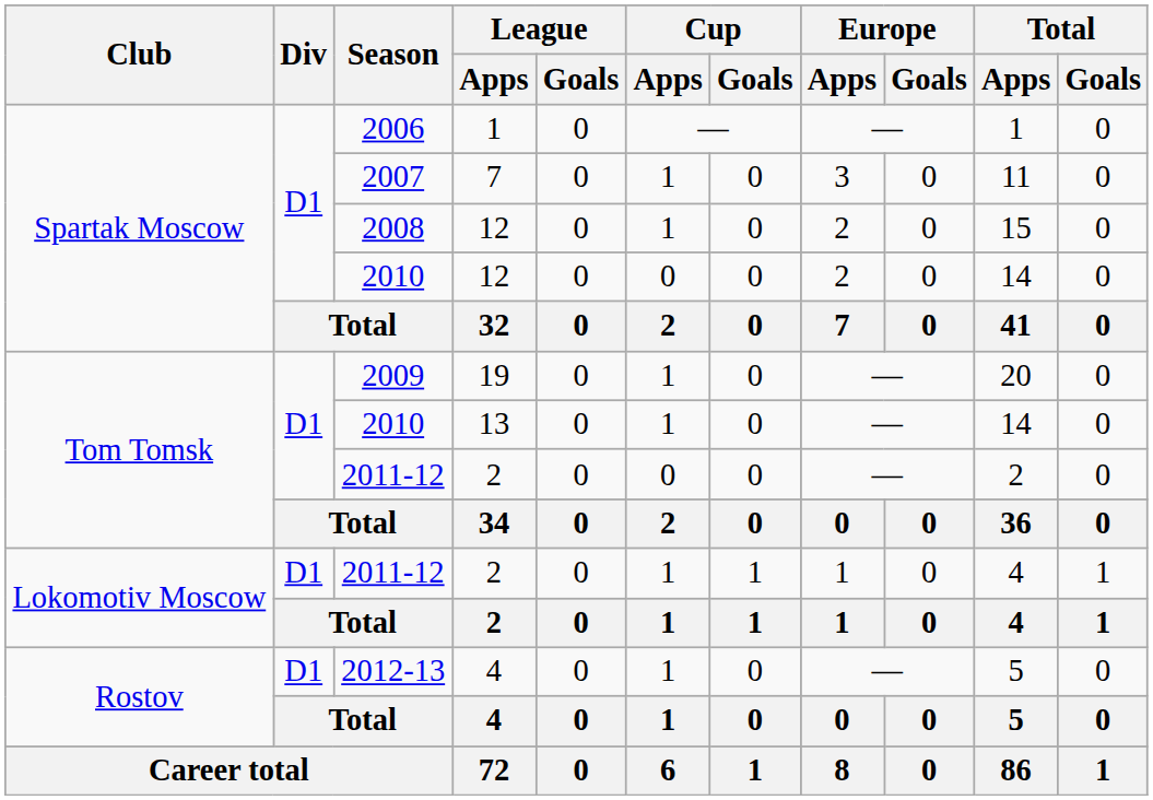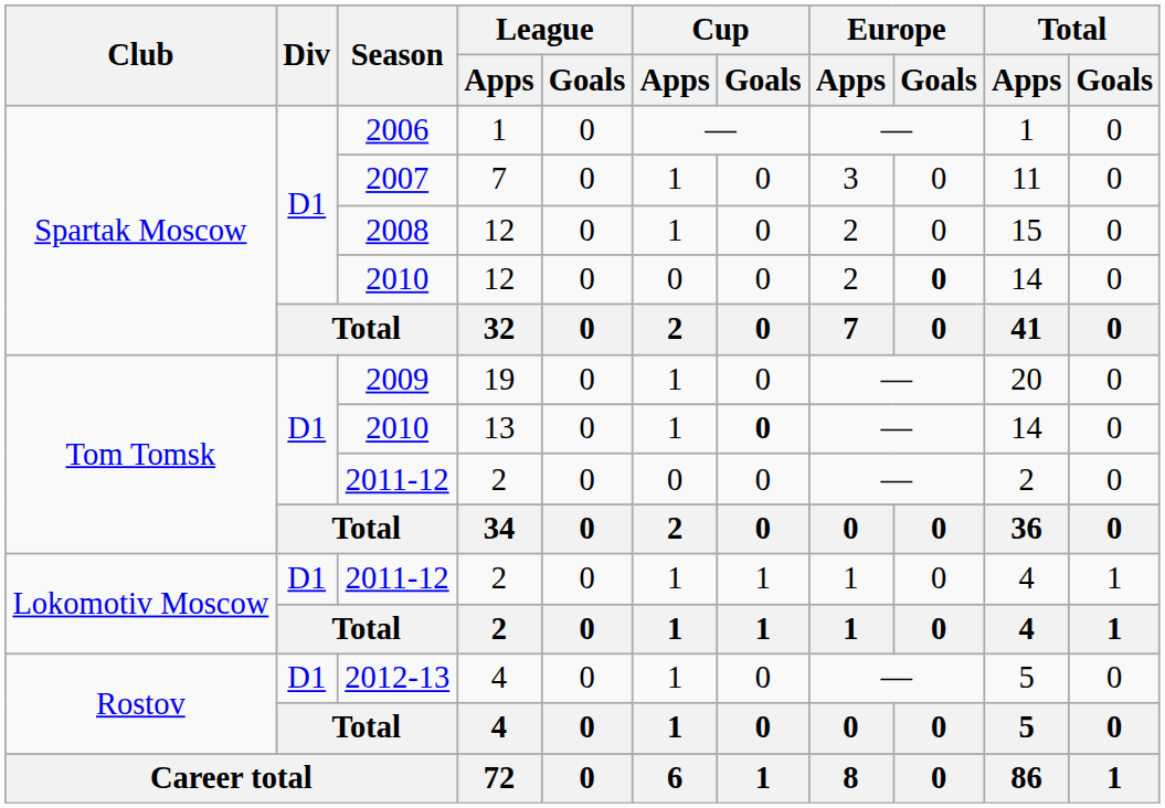 <table class="wikitable" style="text-align: center;">
 <tr>
 <th rowspan="2">Club</th>
 <th rowspan="2">Div</th>
 <th rowspan="2">Season</th>
 <th colspan="2">League</th>
 <th colspan="2">Cup</th>
 <th colspan="2">Europe</th>
 <th colspan="2">Total</th>
 </tr>
 <tr>
 <th>Apps</th>
 <th>Goals</th>
 <th>Apps</th>
 <th>Goals</th>
 <th>Apps</th>
 <th>Goals</th>
 <th>Apps</th>
 <th>Goals</th>
 </tr>
 <tr>
 <td rowspan="5" valign="center"> <a href='#'>Spartak Moscow</a></td>
 <td rowspan="4"><a href='#'>D1</a></td>
 <td><a href='#'>2006</a></td>
 <td>1</td>
 <td>0</td>
 <td colspan="2">—</td>
 <td colspan="2">—</td>
 <td>1</td>
 <td>0</td>
 </tr>
 <tr>
 <td><a href='#'>2007</a></td>
 <td>7</td>
 <td>0</td>
 <td>1</td>
 <td>0</td>
 <td>3</td>
 <td>0</td>
 <td>11</td>
 <td>0</td>
 </tr>
 <tr>
 <td><a href='#'>2008</a></td>
 <td>12</td>
 <td>0</td>
 <td>1</td>
 <td>0</td>
 <td>2</td>
 <td>0</td>
 <td>15</td>
 <td>0</td>
 </tr>
 <tr>
 <td><a href='#'>2010</a></td>
 <td>12</td>
 <td>0</td>
 <td>0</td>
 <td>0</td>
 <td>2</td>
-<td>0</td>
+<td><strong>0</strong></td>
 <td>14</td>
 <td>0</td>
 </tr>
 <tr>
 <th colspan="2">Total</th>
 <th>32</th>
 <th>0</th>
 <th>2</th>
 <th>0</th>
 <th>7</th>
 <th>0</th>
 <th>41</th>
 <th>0</th>
 </tr>
 <tr>
 <td rowspan="4" valign="center"> <a href='#'>Tom Tomsk</a></td>
 <td rowspan="3"><a href='#'>D1</a></td>
 <td><a href='#'>2009</a></td>
 <td>19</td>
 <td>0</td>
 <td>1</td>
 <td>0</td>
 <td colspan="2">—</td>
 <td>20</td>
 <td>0</td>
 </tr>
 <tr>
 <td><a href='#'>2010</a></td>
 <td>13</td>
 <td>0</td>
 <td>1</td>
-<td>0</td>
+<td><strong>0</strong></td>
 <td colspan="2">—</td>
 <td>14</td>
 <td>0</td>
 </tr>
 <tr>
 <td><a href='#'>2011-12</a></td>
 <td>2</td>
 <td>0</td>
 <td>0</td>
 <td>0</td>
 <td colspan="2">—</td>
 <td>2</td>
 <td>0</td>
 </tr>
 <tr>
 <th colspan="2">Total</th>
 <th>34</th>
 <th>0</th>
 <th>2</th>
 <th>0</th>
 <th>0</th>
 <th>0</th>
 <th>36</th>
 <th>0</th>
 </tr>
 <tr>
 <td rowspan="2" valign="center"> <a href='#'>Lokomotiv Moscow</a></td>
 <td rowspan="1"><a href='#'>D1</a></td>
 <td><a href='#'>2011-12</a></td>
 <td>2</td>
 <td>0</td>
 <td>1</td>
 <td>1</td>
 <td>1</td>
 <td>0</td>
 <td>4</td>
 <td>1</td>
 </tr>
 <tr>
 <th colspan="2">Total</th>
 <th>2</th>
 <th>0</th>
 <th>1</th>
 <th>1</th>
 <th>1</th>
 <th>0</th>
 <th>4</th>
 <th>1</th>
 </tr>
 <tr>
 <td rowspan="2" valign="center"> <a href='#'>Rostov</a></td>
 <td rowspan="1"><a href='#'>D1</a></td>
 <td><a href='#'>2012-13</a></td>
 <td>4</td>
 <td>0</td>
 <td>1</td>
 <td>0</td>
 <td colspan="2">—</td>
 <td>5</td>
 <td>0</td>
 </tr>
 <tr>
 <th colspan="2">Total</th>
 <th>4</th>
 <th>0</th>
 <th>1</th>
 <th>0</th>
 <th>0</th>
 <th>0</th>
 <th>5</th>
 <th>0</th>
 </tr>
 <tr>
 <th colspan="3">Career total</th>
 <th>72</th>
 <th>0</th>
 <th>6</th>
 <th>1</th>
 <th>8</th>
 <th>0</th>
 <th>86</th>
 <th>1</th>
 </tr>
 </table>
